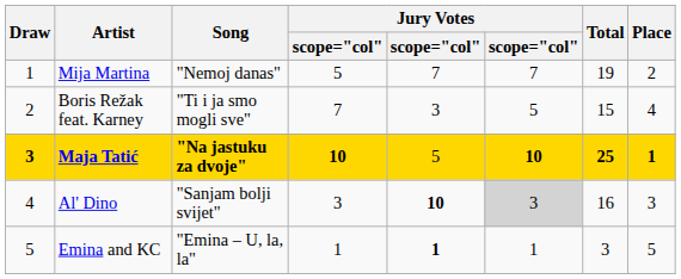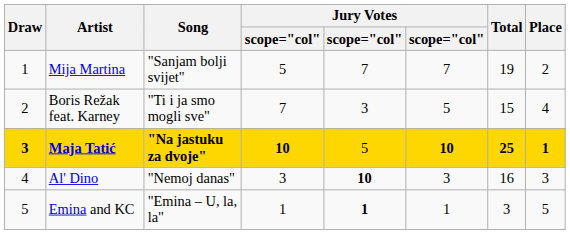 <table class="sortable wikitable" style="margin: 1em auto 1em auto; text-align:center">
 <tr>
 <th rowspan="2">Draw</th>
 <th rowspan="2">Artist</th>
 <th rowspan="2">Song</th>
 <th colspan="3">Jury Votes</th>
 <th rowspan="2">Total</th>
 <th rowspan="2">Place</th>
 </tr>
 <tr>
 <th>scope="col" </th>
 <th>scope="col" </th>
 <th>scope="col" </th>
 </tr>
 <tr>
 <td>1</td>
 <td align="left"><a href='#'>Mija Martina</a></td>
-<td align="left">"Nemoj danas"</td>
+<td align="left">"Sanjam bolji svijet"</td>
 <td>5</td>
 <td>7</td>
 <td>7</td>
 <td>19</td>
 <td>2</td>
 </tr>
 <tr>
 <td>2</td>
 <td align="left">Boris Režak feat. Karney</td>
 <td align="left">"Ti i ja smo mogli sve"</td>
 <td>7</td>
 <td>3</td>
 <td>5</td>
 <td>15</td>
 <td>4</td>
 </tr>
 <tr style="background:gold;">
 <td><strong>3</strong></td>
 <td align="left"><strong><a href='#'>Maja Tatić</a></strong></td>
 <td align="left"><strong>"Na jastuku za dvoje"</strong></td>
 <td><strong>10</strong></td>
 <td>5</td>
 <td><strong>10</strong></td>
 <td><strong>25</strong></td>
 <td><strong>1</strong></td>
 </tr>
 <tr>
 <td>4</td>
 <td align="left"><a href='#'>Al' Dino</a></td>
-<td align="left">"Sanjam bolji svijet"</td>
+<td align="left">"Nemoj danas"</td>
 <td>3</td>
 <td><strong>10</strong></td>
-<td style="background: lightgrey;">3</td>
+<td>3</td>
 <td>16</td>
 <td>3</td>
 </tr>
 <tr>
 <td>5</td>
 <td align="left"><a href='#'>Emina</a> and KC</td>
 <td align="left">"Emina – U, la, la"</td>
 <td>1</td>
 <td><strong>1</strong></td>
 <td>1</td>
 <td>3</td>
 <td>5</td>
 </tr>
 </table>
